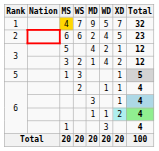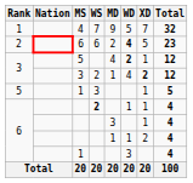 <table class="wikitable" style="text-align:center">
 <tr>
 <th>Rank</th>
 <th>Nation</th>
 <th>MS</th>
 <th>WS</th>
 <th>MD</th>
 <th>WD</th>
 <th>XD</th>
 <th>Total</th>
 </tr>
 <tr>
 <td>1</td>
 <td align="left"></td>
-<td style="background: gold;">4</td>
+<td>4</td>
 <td>7</td>
 <td>9</td>
 <td>5</td>
 <td>7</td>
 <td><strong>32</strong></td>
 </tr>
 <tr>
 <td>2</td>
 <td align="left" style="border: 3px solid red"><strong></strong></td>
 <td>6</td>
 <td>6</td>
 <td>2</td>
-<td>4</td>
+<td><strong>4</strong></td>
 <td>5</td>
 <td><strong>23</strong></td>
 </tr>
 <tr>
 <td rowspan="2">3</td>
 <td align="left"></td>
 <td>5</td>
 <td></td>
 <td>4</td>
-<td>2</td>
+<td><strong>2</strong></td>
 <td>1</td>
 <td><strong>12</strong></td>
 </tr>
 <tr>
 <td align="left"></td>
 <td>3</td>
 <td>2</td>
 <td>1</td>
 <td>4</td>
-<td>2</td>
+<td><strong>2</strong></td>
 <td><strong>12</strong></td>
 </tr>
 <tr>
 <td>5</td>
 <td align="left"></td>
 <td>1</td>
 <td>3</td>
 <td></td>
 <td></td>
 <td>1</td>
-<td style="background: lightgrey;"><strong>5</strong></td>
+<td><strong>5</strong></td>
 </tr>
 <tr>
 <td rowspan="4">6</td>
 <td align="left"></td>
 <td></td>
-<td>2</td>
+<td><strong>2</strong></td>
 <td></td>
 <td>1</td>
 <td>1</td>
 <td><strong>4</strong></td>
 </tr>
 <tr>
 <td align="left"></td>
 <td></td>
 <td></td>
 <td>3</td>
 <td></td>
 <td>1</td>
-<td style="background: lightblue;"><strong>4</strong></td>
+<td><strong>4</strong></td>
 </tr>
 <tr>
 <td align="left"></td>
 <td></td>
 <td></td>
 <td>1</td>
 <td>1</td>
-<td style="background: paleturquoise;">2</td>
-<td style="background: lightgreen;"><strong>4</strong></td>
+<td>2</td>
+<td><strong>4</strong></td>
 </tr>
 <tr>
 <td align="left"></td>
 <td>1</td>
 <td></td>
 <td></td>
 <td>3</td>
 <td></td>
 <td><strong>4</strong></td>
 </tr>
 <tr>
 <th colspan="2">Total</th>
 <th>20</th>
 <th>20</th>
 <th>20</th>
 <th>20</th>
 <th>20</th>
 <th>100</th>
 </tr>
 </table>
